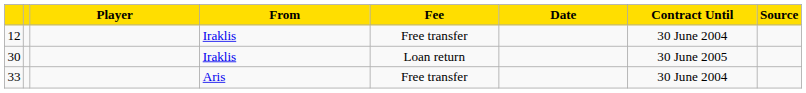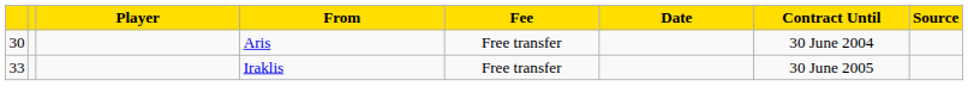 <table class="wikitable sortable">
 <tr>
 <th style="background:#FFDE00"></th>
 <th style="background:#FFDE00"></th>
 <th width=200 style="background:#FFDE00">Player</th>
 <th width=200 style="background:#FFDE00">From</th>
 <th width=150 style="background:#FFDE00">Fee</th>
 <th width=150 style="background:#FFDE00">Date</th>
 <th width=150 style="background:#FFDE00">Contract Until</th>
 <th style="background:#FFDE00">Source</th>
 </tr>
 <tr>
-<td align=center>12</td>
-<td align=center></td>
-<td></td>
-<td> <a href='#'>Iraklis</a></td>
-<td align=center>Free transfer</td>
-<td align=center></td>
-<td align=center>30 June 2004</td>
-<td align=center></td>
-</tr>
-<tr>
 <td align=center>30</td>
-<td align=center></td>
-<td></td>
-<td> <a href='#'>Iraklis</a></td>
-<td align=center>Loan return</td>
-<td align=center></td>
-<td align=center>30 June 2005</td>
-<td align=center></td>
-</tr>
-<tr>
-<td align=center>33</td>
 <td align=center></td>
 <td></td>
 <td> <a href='#'>Aris</a></td>
 <td align=center>Free transfer</td>
 <td align=center></td>
 <td align=center>30 June 2004</td>
 <td align=center></td>
 </tr>
+<tr>
+<td align=center>33</td>
+<td align=center></td>
+<td></td>
+<td> <a href='#'>Iraklis</a></td>
+<td align=center>Free transfer</td>
+<td align=center></td>
+<td align=center>30 June 2005</td>
+<td align=center></td>
+</tr>
 </table>
